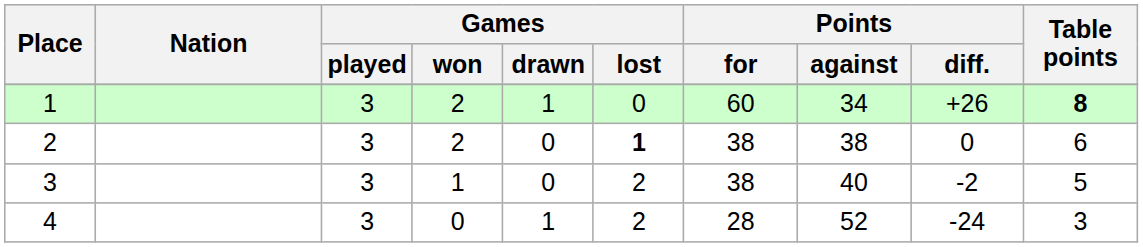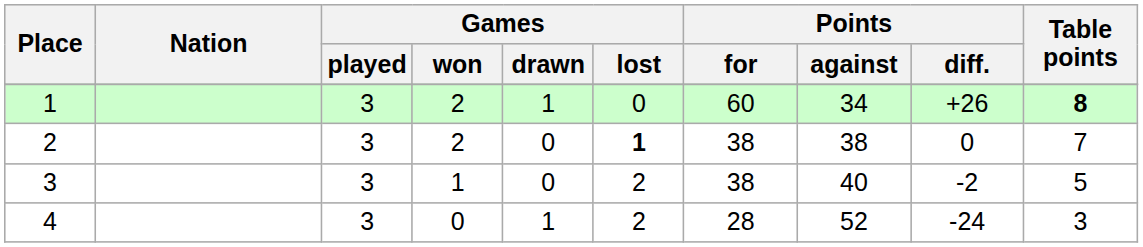 <table class="wikitable">
 <tr>
 <th rowspan=2 width="8%">Place</th>
 <th rowspan=2 width="20%">Nation</th>
 <th colspan=4 width="32%">Games</th>
 <th colspan=3 width="30%">Points</th>
 <th rowspan=2 width="10%">Table<br>points</th>
 </tr>
 <tr>
 <th width="8%">played</th>
 <th width="8%">won</th>
 <th width="8%">drawn</th>
 <th width="8%">lost</th>
 <th width="10%">for</th>
 <th width="10%">against</th>
 <th width="10%">diff.</th>
 </tr>
 <tr>
 </tr>
 <tr bgcolor=#ccffcc align=center>
 <td>1</td>
 <td align=left><strong></strong></td>
 <td>3</td>
 <td>2</td>
 <td>1</td>
 <td>0</td>
 <td>60</td>
 <td>34</td>
 <td>+26</td>
 <td><strong>8</strong></td>
 </tr>
 <tr bgcolor=#ffffff align=center>
 <td>2</td>
 <td align=left></td>
 <td>3</td>
 <td>2</td>
 <td>0</td>
 <td><strong>1</strong></td>
 <td>38</td>
 <td>38</td>
 <td>0</td>
-<td>6</td>
+<td>7</td>
 </tr>
 <tr bgcolor=#ffffff align=center>
 <td>3</td>
 <td align=left></td>
 <td>3</td>
 <td>1</td>
 <td>0</td>
 <td>2</td>
 <td>38</td>
 <td>40</td>
 <td>-2</td>
 <td>5</td>
 </tr>
 <tr bgcolor=#ffffff align=center>
 <td>4</td>
 <td align=left></td>
 <td>3</td>
 <td>0</td>
 <td>1</td>
 <td>2</td>
 <td>28</td>
 <td>52</td>
 <td>-24</td>
 <td>3</td>
 </tr>
 </table>
